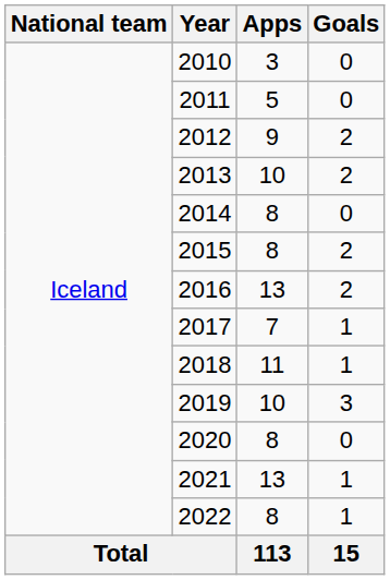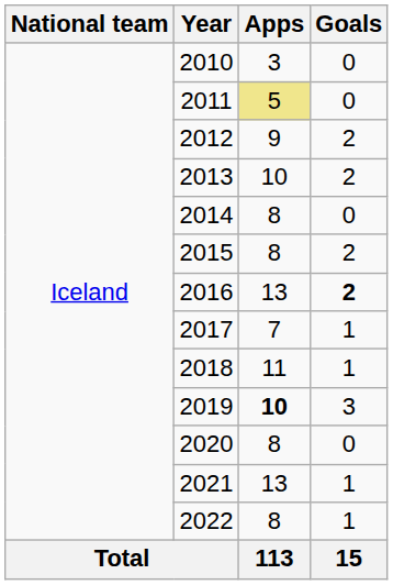 <table class="wikitable" style="text-align:center">
 <tr>
 <th>National team</th>
 <th>Year</th>
 <th>Apps</th>
 <th>Goals</th>
 </tr>
 <tr>
 <td rowspan="13"><a href='#'>Iceland</a></td>
 <td>2010</td>
 <td>3</td>
 <td>0</td>
 </tr>
 <tr>
 <td>2011</td>
-<td>5</td>
+<td style="background: khaki;">5</td>
 <td>0</td>
 </tr>
 <tr>
 <td>2012</td>
 <td>9</td>
 <td>2</td>
 </tr>
 <tr>
 <td>2013</td>
 <td>10</td>
 <td>2</td>
 </tr>
 <tr>
 <td>2014</td>
 <td>8</td>
 <td>0</td>
 </tr>
 <tr>
 <td>2015</td>
 <td>8</td>
 <td>2</td>
 </tr>
 <tr>
 <td>2016</td>
 <td>13</td>
-<td>2</td>
+<td><strong>2</strong></td>
 </tr>
 <tr>
 <td>2017</td>
 <td>7</td>
 <td>1</td>
 </tr>
 <tr>
 <td>2018</td>
 <td>11</td>
 <td>1</td>
 </tr>
 <tr>
 <td>2019</td>
-<td>10</td>
+<td><strong>10</strong></td>
 <td>3</td>
 </tr>
 <tr>
 <td>2020</td>
 <td>8</td>
 <td>0</td>
 </tr>
 <tr>
 <td>2021</td>
 <td>13</td>
 <td>1</td>
 </tr>
 <tr>
 <td>2022</td>
 <td>8</td>
 <td>1</td>
 </tr>
 <tr>
 <th colspan="2">Total</th>
 <th>113</th>
 <th>15</th>
 </tr>
 </table>
